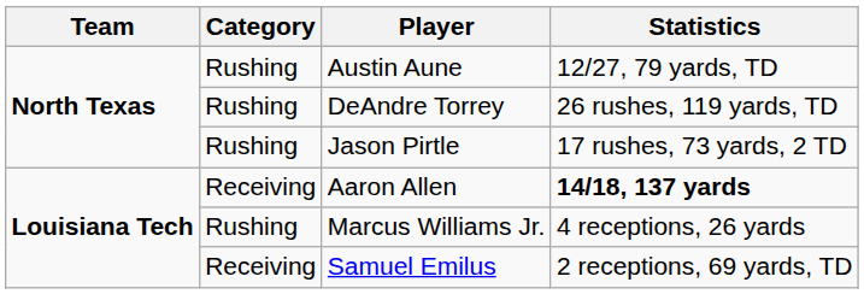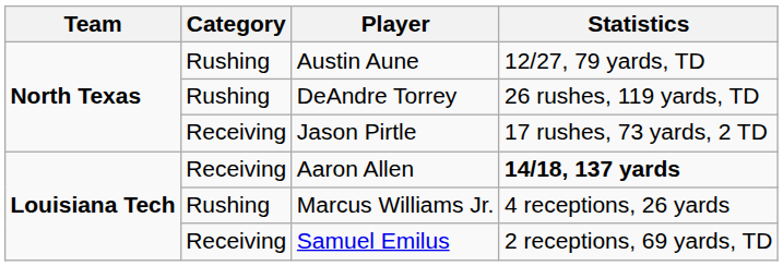 <table class="wikitable" style="float: left;">
 <tr>
 <th>Team</th>
 <th>Category</th>
 <th>Player</th>
 <th>Statistics</th>
 </tr>
 <tr>
 <td rowspan=3><strong>North Texas</strong></td>
 <td>Rushing</td>
 <td>Austin Aune</td>
 <td>12/27, 79 yards, TD</td>
 </tr>
 <tr>
 <td>Rushing</td>
 <td>DeAndre Torrey</td>
 <td>26 rushes, 119 yards, TD</td>
 </tr>
 <tr>
-<td>Rushing</td>
+<td>Receiving</td>
 <td>Jason Pirtle</td>
 <td>17 rushes, 73 yards, 2 TD</td>
 </tr>
 <tr>
 <td rowspan=3><strong>Louisiana Tech</strong></td>
 <td>Receiving</td>
 <td>Aaron Allen</td>
 <td><strong>14/18, 137 yards</strong></td>
 </tr>
 <tr>
 <td>Rushing</td>
 <td>Marcus Williams Jr.</td>
 <td>4 receptions, 26 yards</td>
 </tr>
 <tr>
 <td>Receiving</td>
 <td><a href='#'>Samuel Emilus</a></td>
 <td>2 receptions, 69 yards, TD</td>
 </tr>
 </table>
